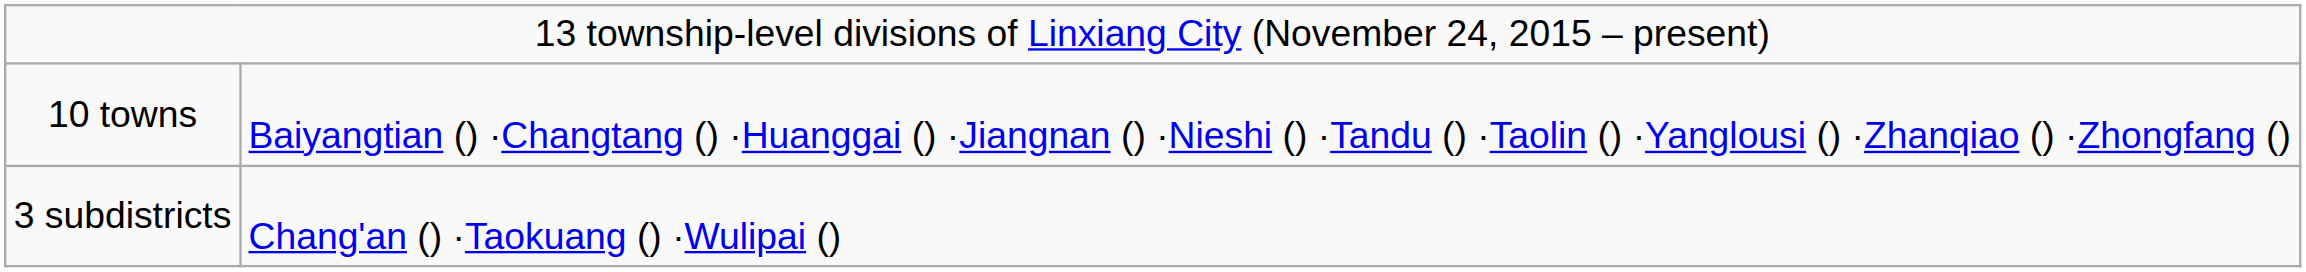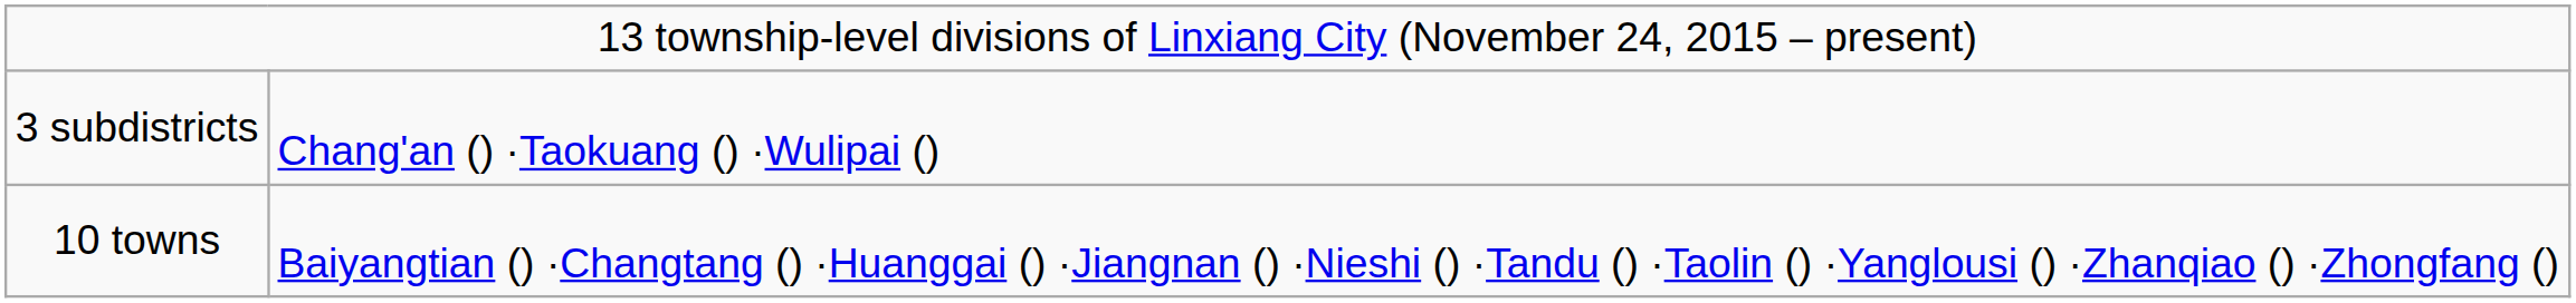 <table class="wikitable">
 <tr>
 <td style="text-align:center;" colspan="2">13 township-level divisions of <a href='#'>Linxiang City</a> (November 24, 2015 – present)</td>
 </tr>
 <tr align=left>
+<td align=center>3 subdistricts</td>
+<td><br><a href='#'>Chang'an</a> () ·<a href='#'>Taokuang</a> () ·<a href='#'>Wulipai</a> ()</td>
+</tr>
+<tr align=left>
 <td align=center>10 towns</td>
 <td><br><a href='#'>Baiyangtian</a> () ·<a href='#'>Changtang</a> () ·<a href='#'>Huanggai</a> () ·<a href='#'>Jiangnan</a> () ·<a href='#'>Nieshi</a> () ·<a href='#'>Tandu</a> () ·<a href='#'>Taolin</a> () ·<a href='#'>Yanglousi</a> () ·<a href='#'>Zhanqiao</a> () ·<a href='#'>Zhongfang</a> ()</td>
 </tr>
-<tr align=left>
-<td align=center>3 subdistricts</td>
-<td><br><a href='#'>Chang'an</a> () ·<a href='#'>Taokuang</a> () ·<a href='#'>Wulipai</a> ()</td>
-</tr>
 </table>
